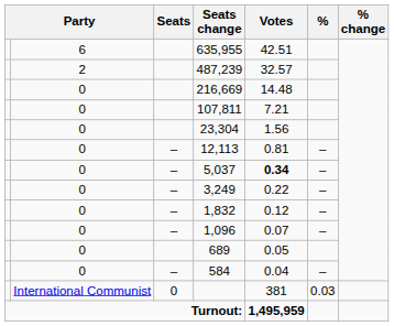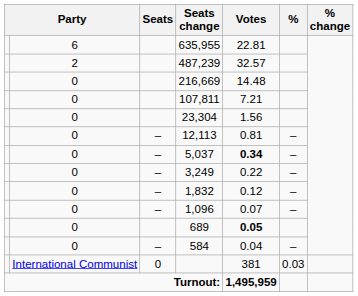 <table class="wikitable sortable">
 <tr>
 <th colspan="2" rowspan="1" align="center">Party</th>
 <th align="center">Seats</th>
 <th align="center">Seats<br>change</th>
 <th align="center">Votes</th>
 <th align="center">%</th>
 <th align="center">%<br>change</th>
 </tr>
 <tr>
 <td></td>
 <td align="center">6</td>
 <td align="center"></td>
 <td align="center">635,955</td>
-<td align="center">42.51</td>
+<td align="center">22.81</td>
 <td align="center"></td>
 </tr>
 <tr>
 <td></td>
 <td align="center">2</td>
 <td align="center"></td>
 <td align="center">487,239</td>
 <td align="center">32.57</td>
 <td align="center"></td>
 </tr>
 <tr>
 <td></td>
 <td align="center">0</td>
 <td align="center"></td>
 <td align="center">216,669</td>
 <td align="center">14.48</td>
 <td align="center"></td>
 </tr>
 <tr>
 <td></td>
 <td align="center">0</td>
 <td align="center"></td>
 <td align="center">107,811</td>
 <td align="center">7.21</td>
 <td align="center"></td>
 </tr>
 <tr>
 <td></td>
 <td align="center">0</td>
 <td align="center"></td>
 <td align="center">23,304</td>
 <td align="center">1.56</td>
 <td align="center"></td>
 </tr>
 <tr>
 <td></td>
 <td align="center">0</td>
 <td align="center">–</td>
 <td align="center">12,113</td>
 <td align="center">0.81</td>
 <td align="center">–</td>
 </tr>
 <tr>
 <td></td>
 <td align="center">0</td>
 <td align="center">–</td>
 <td align="center">5,037</td>
 <td align="center"><strong>0.34</strong></td>
 <td align="center">–</td>
 </tr>
 <tr>
 <td></td>
 <td align="center">0</td>
 <td align="center">–</td>
 <td align="center">3,249</td>
 <td align="center">0.22</td>
 <td align="center">–</td>
 </tr>
 <tr>
 <td></td>
 <td align="center">0</td>
 <td align="center">–</td>
 <td align="center">1,832</td>
 <td align="center">0.12</td>
 <td align="center">–</td>
 </tr>
 <tr>
 <td></td>
 <td align="center">0</td>
 <td align="center">–</td>
 <td align="center">1,096</td>
 <td align="center">0.07</td>
 <td align="center">–</td>
 </tr>
 <tr>
 <td></td>
 <td align="center">0</td>
 <td align="center"></td>
 <td align="center">689</td>
-<td align="center">0.05</td>
+<td align="center"><strong>0.05</strong></td>
 <td align="center"></td>
 </tr>
 <tr>
 <td></td>
 <td align="center">0</td>
 <td align="center">–</td>
 <td align="center">584</td>
 <td align="center">0.04</td>
 <td align="center">–</td>
 </tr>
 <tr>
 <td></td>
 <td><a href='#'>International Communist</a></td>
 <td align="center">0</td>
 <td align="center"></td>
 <td align="center">381</td>
 <td align="center">0.03</td>
 <td align="center"></td>
 </tr>
 <tr>
 <td colspan="4" rowspan="1" align="right"><strong>Turnout:</strong></td>
 <td align="center"><strong> 1,495,959</strong></td>
 <td align="center"></td>
 <td align="center"></td>
 </tr>
 </table>
